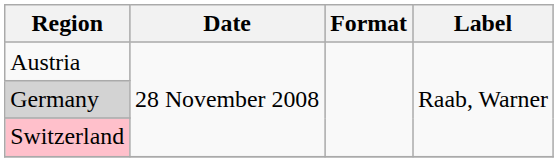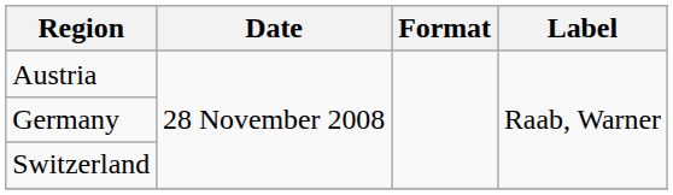 <table class="wikitable">
 <tr>
 <th scope="col">Region</th>
 <th scope="col">Date</th>
 <th scope="col">Format</th>
 <th scope="col">Label</th>
 </tr>
 <tr>
 <td>Austria</td>
 <td rowspan="3">28 November 2008</td>
 <td rowspan="3"></td>
 <td rowspan="3">Raab, Warner</td>
 </tr>
 <tr>
-<td style="background: lightgrey;">Germany</td>
+<td>Germany</td>
 </tr>
 <tr>
-<td style="background: pink;">Switzerland</td>
+<td>Switzerland</td>
 </tr>
 <tr>
 </tr>
 </table>
